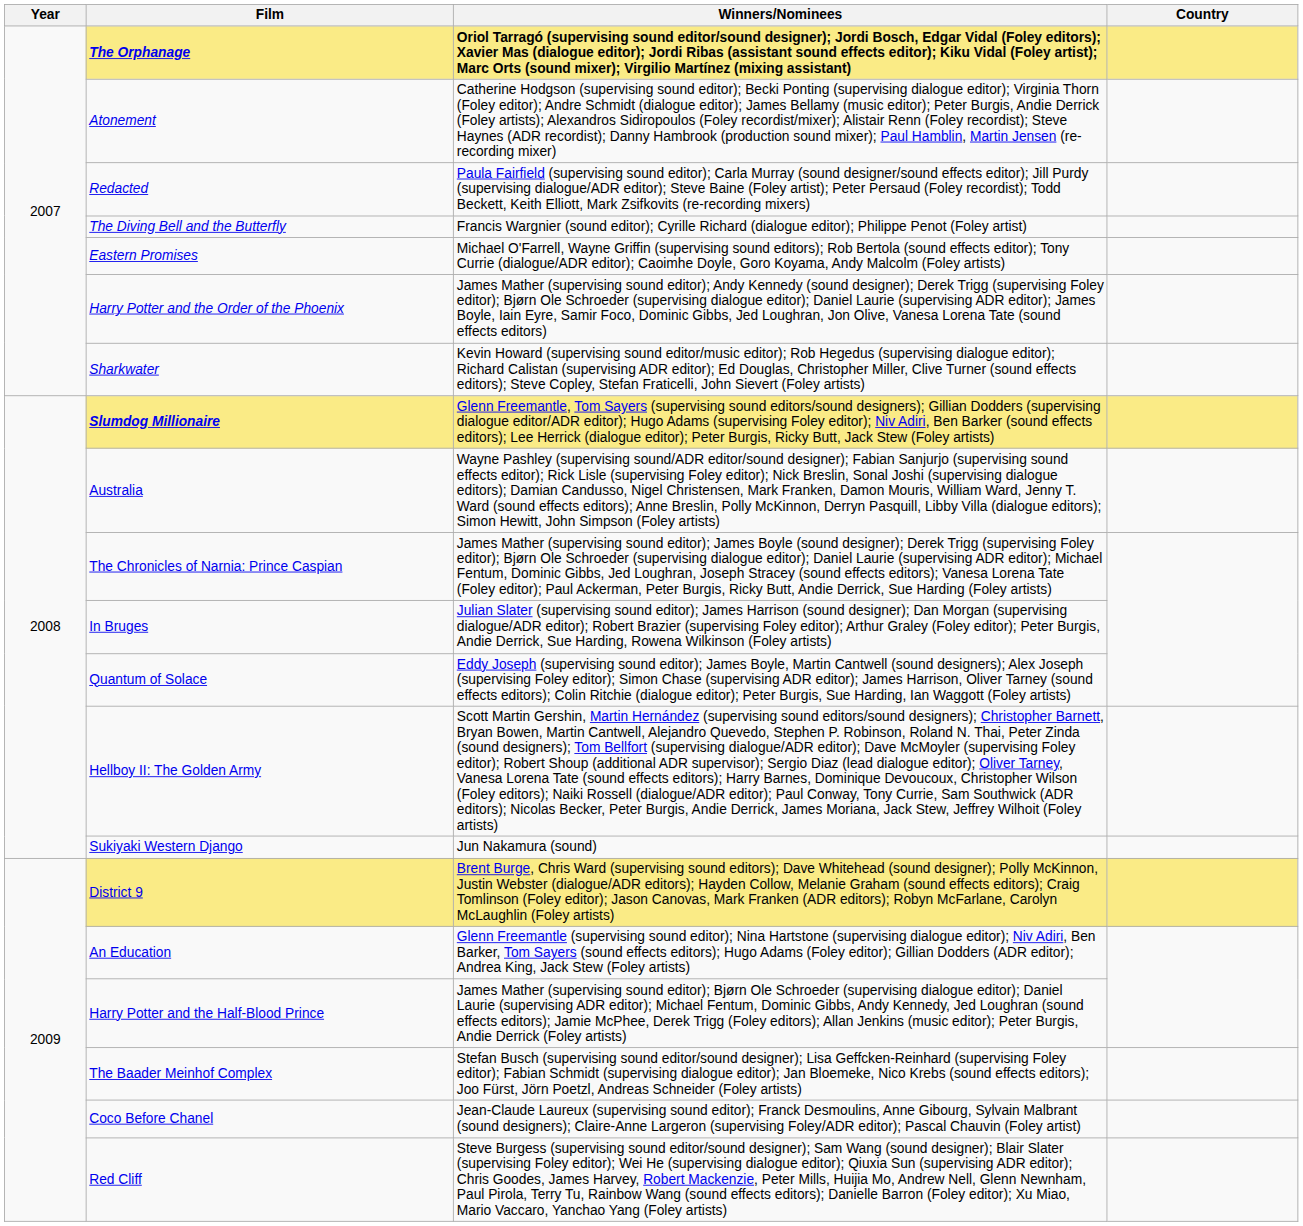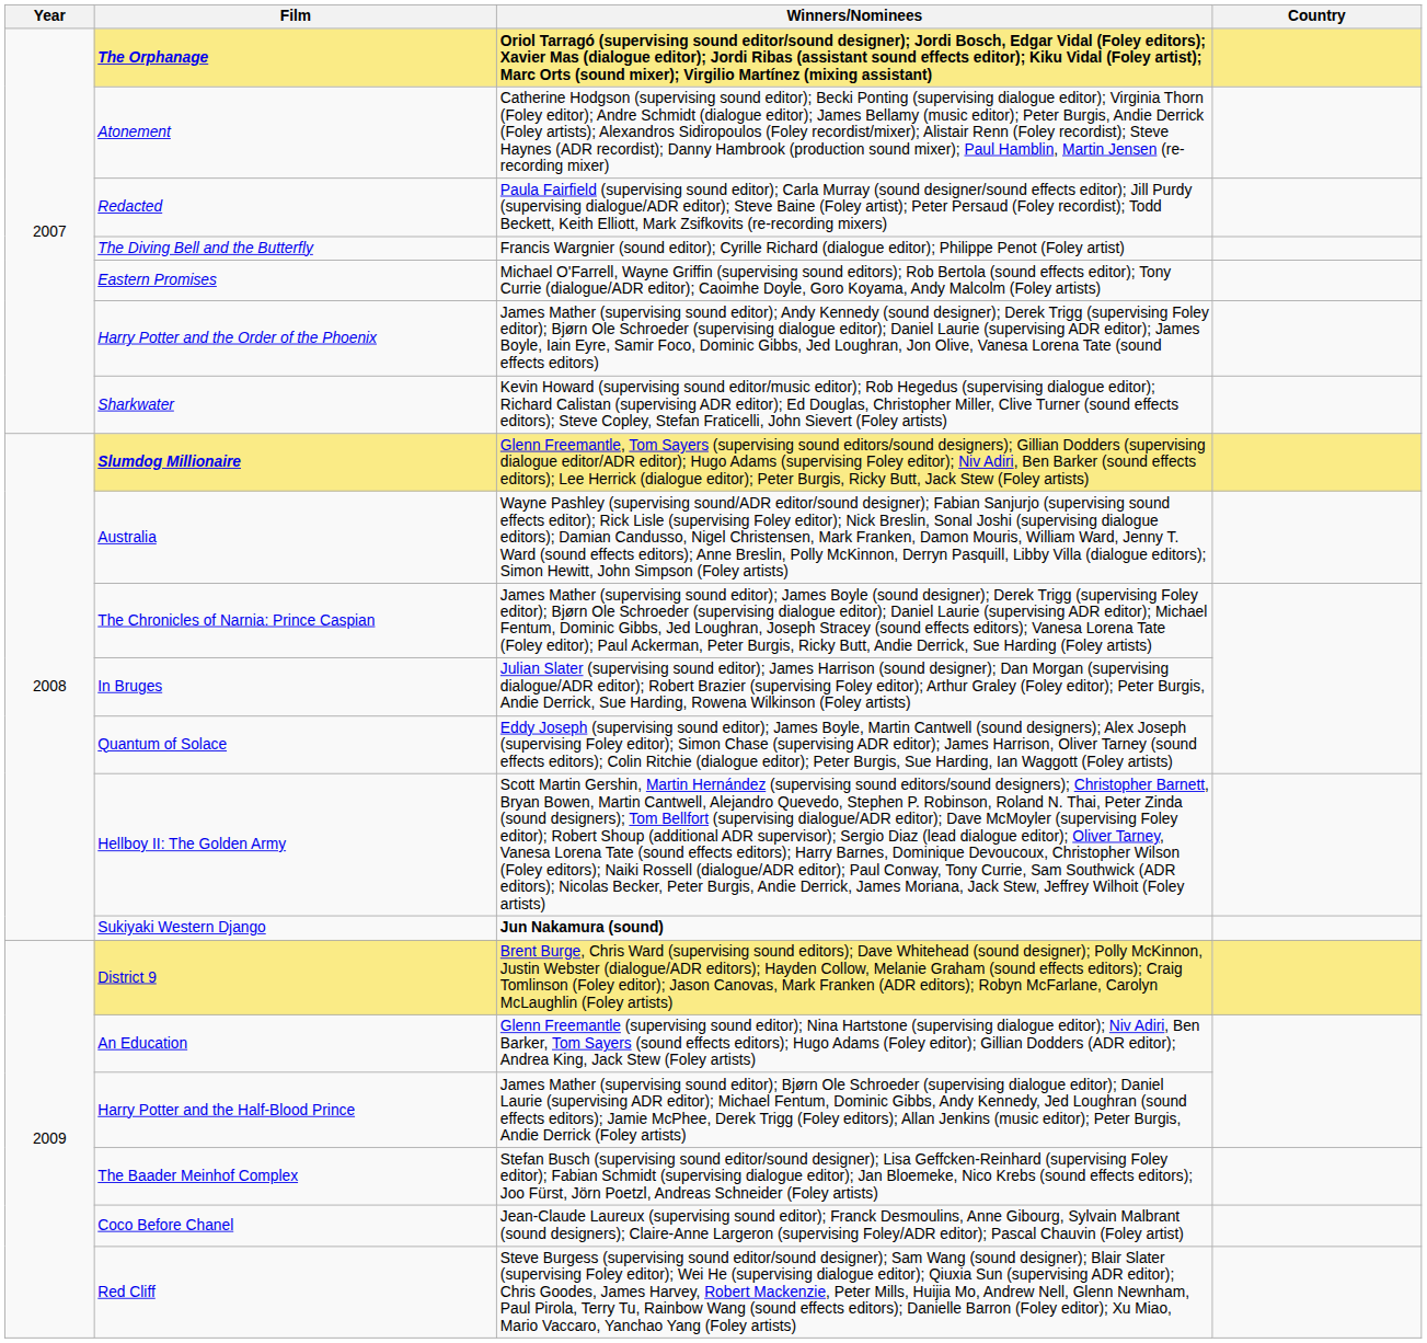 <table class="wikitable" width="95%" cellpadding="5">
 <tr>
 <th width="6%">Year</th>
 <th width="27%">Film</th>
 <th width="48%">Winners/Nominees</th>
 <th width="14%">Country</th>
 </tr>
 <tr>
 <td rowspan=7 style="text-align:center">2007<br></td>
 <td style="background:#FAEB86;"><strong><em><a href='#'>The Orphanage</a></em></strong></td>
 <td style="background:#FAEB86;"><strong>Oriol Tarragó (supervising sound editor/sound designer); Jordi Bosch, Edgar Vidal (Foley editors); Xavier Mas (dialogue editor); Jordi Ribas (assistant sound effects editor); Kiku Vidal (Foley artist); Marc Orts (sound mixer); Virgilio Martínez (mixing assistant)</strong></td>
 <td style="background:#FAEB86;"><strong></strong></td>
 </tr>
 <tr>
 <td><em><a href='#'>Atonement</a></em></td>
 <td>Catherine Hodgson (supervising sound editor); Becki Ponting (supervising dialogue editor); Virginia Thorn (Foley editor); Andre Schmidt (dialogue editor); James Bellamy (music editor); Peter Burgis, Andie Derrick (Foley artists); Alexandros Sidiropoulos (Foley recordist/mixer); Alistair Renn (Foley recordist); Steve Haynes (ADR recordist); Danny Hambrook (production sound mixer); <a href='#'>Paul Hamblin</a>, <a href='#'>Martin Jensen</a> (re-recording mixer)</td>
 <td></td>
 </tr>
 <tr>
 <td><em><a href='#'>Redacted</a></em></td>
 <td><a href='#'>Paula Fairfield</a> (supervising sound editor); Carla Murray (sound designer/sound effects editor); Jill Purdy (supervising dialogue/ADR editor); Steve Baine (Foley artist); Peter Persaud (Foley recordist); Todd Beckett, Keith Elliott, Mark Zsifkovits (re-recording mixers)</td>
 <td><br></td>
 </tr>
 <tr>
 <td><em><a href='#'>The Diving Bell and the Butterfly</a></em></td>
 <td>Francis Wargnier (sound editor); Cyrille Richard (dialogue editor); Philippe Penot (Foley artist)</td>
 <td></td>
 </tr>
 <tr>
 <td><em><a href='#'>Eastern Promises</a></em></td>
 <td>Michael O'Farrell, Wayne Griffin (supervising sound editors); Rob Bertola (sound effects editor); Tony Currie (dialogue/ADR editor); Caoimhe Doyle, Goro Koyama, Andy Malcolm (Foley artists)</td>
 <td><br></td>
 </tr>
 <tr>
 <td><em><a href='#'>Harry Potter and the Order of the Phoenix</a></em></td>
 <td>James Mather (supervising sound editor); Andy Kennedy (sound designer); Derek Trigg (supervising Foley editor); Bjørn Ole Schroeder (supervising dialogue editor); Daniel Laurie (supervising ADR editor); James Boyle, Iain Eyre, Samir Foco, Dominic Gibbs, Jed Loughran, Jon Olive, Vanesa Lorena Tate (sound effects editors)</td>
 <td><br></td>
 </tr>
 <tr>
 <td><em><a href='#'>Sharkwater</a></em></td>
 <td>Kevin Howard (supervising sound editor/music editor); Rob Hegedus (supervising dialogue editor); Richard Calistan (supervising ADR editor); Ed Douglas, Christopher Miller, Clive Turner (sound effects editors); Steve Copley, Stefan Fraticelli, John Sievert (Foley artists)</td>
 <td></td>
 </tr>
 <tr>
 <td rowspan=7 style="text-align:center">2008<br></td>
 <td style="background:#FAEB86;"><strong><em><a href='#'>Slumdog Millionaire</a><em> <strong></td>
 <td style="background:#FAEB86;"></strong><a href='#'>Glenn Freemantle</a>, <a href='#'>Tom Sayers</a> (supervising sound editors/sound designers); Gillian Dodders (supervising dialogue editor/ADR editor); Hugo Adams (supervising Foley editor); <a href='#'>Niv Adiri</a>, Ben Barker (sound effects editors); Lee Herrick (dialogue editor); Peter Burgis, Ricky Butt, Jack Stew (Foley artists)<strong></td>
 <td style="background:#FAEB86;"></strong><strong></td>
 </tr>
 <tr>
 <td></em><a href='#'>Australia</a><em></td>
 <td>Wayne Pashley (supervising sound/ADR editor/sound designer); Fabian Sanjurjo (supervising sound effects editor); Rick Lisle (supervising Foley editor); Nick Breslin, Sonal Joshi (supervising dialogue editors); Damian Candusso, Nigel Christensen, Mark Franken, Damon Mouris, William Ward, Jenny T. Ward (sound effects editors); Anne Breslin, Polly McKinnon, Derryn Pasquill, Libby Villa (dialogue editors); Simon Hewitt, John Simpson (Foley artists)</td>
 <td><br><br></td>
 </tr>
 <tr>
 <td></em><a href='#'>The Chronicles of Narnia: Prince Caspian</a><em></td>
 <td>James Mather (supervising sound editor); James Boyle (sound designer); Derek Trigg (supervising Foley editor); Bjørn Ole Schroeder (supervising dialogue editor); Daniel Laurie (supervising ADR editor); Michael Fentum, Dominic Gibbs, Jed Loughran, Joseph Stracey (sound effects editors); Vanesa Lorena Tate (Foley editor); Paul Ackerman, Peter Burgis, Ricky Butt, Andie Derrick, Sue Harding (Foley artists)</td>
 <td rowspan="3"><br></td>
 </tr>
 <tr>
 <td></em><a href='#'>In Bruges</a><em></td>
 <td><a href='#'>Julian Slater</a> (supervising sound editor); James Harrison (sound designer); Dan Morgan (supervising dialogue/ADR editor); Robert Brazier (supervising Foley editor); Arthur Graley (Foley editor); Peter Burgis, Andie Derrick, Sue Harding, Rowena Wilkinson (Foley artists)</td>
 </tr>
 <tr>
 <td></em><a href='#'>Quantum of Solace</a><em></td>
 <td><a href='#'>Eddy Joseph</a> (supervising sound editor); James Boyle, Martin Cantwell (sound designers); Alex Joseph (supervising Foley editor); Simon Chase (supervising ADR editor); James Harrison, Oliver Tarney (sound effects editors); Colin Ritchie (dialogue editor); Peter Burgis, Sue Harding, Ian Waggott (Foley artists)</td>
 </tr>
 <tr>
 <td></em><a href='#'>Hellboy II: The Golden Army</a><em></td>
 <td>Scott Martin Gershin, <a href='#'>Martin Hernández</a> (supervising sound editors/sound designers); <a href='#'>Christopher Barnett</a>, Bryan Bowen, Martin Cantwell, Alejandro Quevedo, Stephen P. Robinson, Roland N. Thai, Peter Zinda (sound designers); <a href='#'>Tom Bellfort</a> (supervising dialogue/ADR editor); Dave McMoyler (supervising Foley editor); Robert Shoup (additional ADR supervisor); Sergio Diaz (lead dialogue editor); <a href='#'>Oliver Tarney</a>, Vanesa Lorena Tate (sound effects editors); Harry Barnes, Dominique Devoucoux, Christopher Wilson (Foley editors); Naiki Rossell (dialogue/ADR editor); Paul Conway, Tony Currie, Sam Southwick (ADR editors); Nicolas Becker, Peter Burgis, Andie Derrick, James Moriana, Jack Stew, Jeffrey Wilhoit (Foley artists)</td>
 <td></td>
 </tr>
 <tr>
 <td></em><a href='#'>Sukiyaki Western Django</a><em></td>
-<td>Jun Nakamura (sound)</td>
+<td><strong>Jun Nakamura (sound)</strong></td>
 <td></td>
 </tr>
 <tr>
 <td rowspan=6 style="text-align:center">2009<br></td>
 <td style="background:#FAEB86;"></em></strong><a href='#'>District 9</a><strong><em></td>
 <td style="background:#FAEB86;"></strong><a href='#'>Brent Burge</a>, Chris Ward (supervising sound editors); Dave Whitehead (sound designer); Polly McKinnon, Justin Webster (dialogue/ADR editors); Hayden Collow, Melanie Graham (sound effects editors); Craig Tomlinson (Foley editor); Jason Canovas, Mark Franken (ADR editors); Robyn McFarlane, Carolyn McLaughlin (Foley artists)<strong></td>
 <td style="background:#FAEB86;"></strong><br><br><strong></td>
 </tr>
 <tr>
 <td></em><a href='#'>An Education</a><em></td>
 <td><a href='#'>Glenn Freemantle</a> (supervising sound editor); Nina Hartstone (supervising dialogue editor); <a href='#'>Niv Adiri</a>, Ben Barker, <a href='#'>Tom Sayers</a> (sound effects editors); Hugo Adams (Foley editor); Gillian Dodders (ADR editor); Andrea King, Jack Stew (Foley artists)</td>
 <td rowspan="2"><br></td>
 </tr>
 <tr>
 <td></em><a href='#'>Harry Potter and the Half-Blood Prince</a><em></td>
 <td>James Mather (supervising sound editor); Bjørn Ole Schroeder (supervising dialogue editor); Daniel Laurie (supervising ADR editor); Michael Fentum, Dominic Gibbs, Andy Kennedy, Jed Loughran (sound effects editors); Jamie McPhee, Derek Trigg (Foley editors); Allan Jenkins (music editor); Peter Burgis, Andie Derrick (Foley artists)</td>
 </tr>
 <tr>
 <td></em><a href='#'>The Baader Meinhof Complex</a><em></td>
 <td>Stefan Busch (supervising sound editor/sound designer); Lisa Geffcken-Reinhard (supervising Foley editor); Fabian Schmidt (supervising dialogue editor); Jan Bloemeke, Nico Krebs (sound effects editors); Joo Fürst, Jörn Poetzl, Andreas Schneider (Foley artists)</td>
 <td><br><br></td>
 </tr>
 <tr>
 <td></em><a href='#'>Coco Before Chanel</a><em></td>
 <td>Jean-Claude Laureux (supervising sound editor); Franck Desmoulins, Anne Gibourg, Sylvain Malbrant (sound designers); Claire-Anne Largeron (supervising Foley/ADR editor); Pascal Chauvin (Foley artist)</td>
 <td><br></td>
 </tr>
 <tr>
 <td></em><a href='#'>Red Cliff</a><em></td>
 <td>Steve Burgess (supervising sound editor/sound designer); Sam Wang (sound designer); Blair Slater (supervising Foley editor); Wei He (supervising dialogue editor); Qiuxia Sun (supervising ADR editor); Chris Goodes, James Harvey, <a href='#'>Robert Mackenzie</a>, Peter Mills, Huijia Mo, Andrew Nell, Glenn Newnham, Paul Pirola, Terry Tu, Rainbow Wang (sound effects editors); Danielle Barron (Foley editor); Xu Miao, Mario Vaccaro, Yanchao Yang (Foley artists)</td>
 <td></td>
 </tr>
 </table>
